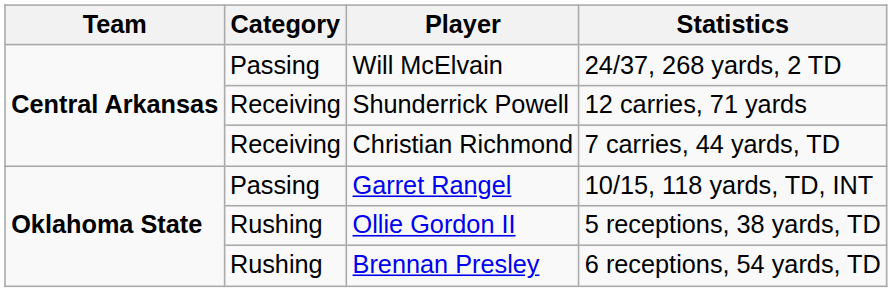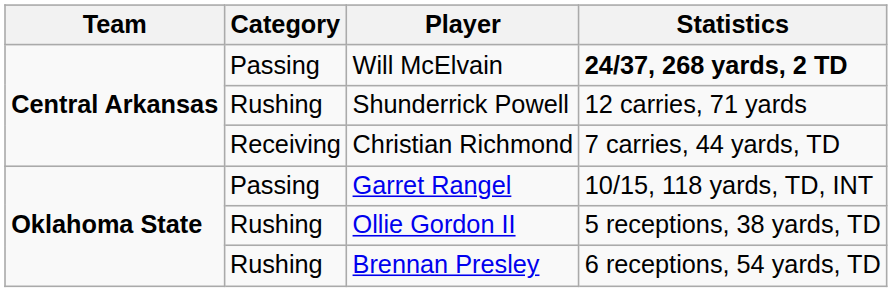 <table class="wikitable" style="float: right;">
 <tr>
 <th>Team</th>
 <th>Category</th>
 <th>Player</th>
 <th>Statistics</th>
 </tr>
 <tr>
 <td rowspan=3><strong>Central Arkansas</strong></td>
 <td>Passing</td>
 <td>Will McElvain</td>
-<td>24/37, 268 yards, 2 TD</td>
+<td><strong>24/37, 268 yards, 2 TD</strong></td>
 </tr>
 <tr>
-<td>Receiving</td>
+<td>Rushing</td>
 <td>Shunderrick Powell</td>
 <td>12 carries, 71 yards</td>
 </tr>
 <tr>
 <td>Receiving</td>
 <td>Christian Richmond</td>
 <td>7 carries, 44 yards, TD</td>
 </tr>
 <tr>
 <td rowspan=3><strong>Oklahoma State</strong></td>
 <td>Passing</td>
 <td><a href='#'>Garret Rangel</a></td>
 <td>10/15, 118 yards, TD, INT</td>
 </tr>
 <tr>
 <td>Rushing</td>
 <td><a href='#'>Ollie Gordon II</a></td>
 <td>5 receptions, 38 yards, TD</td>
 </tr>
 <tr>
 <td>Rushing</td>
 <td><a href='#'>Brennan Presley</a></td>
 <td>6 receptions, 54 yards, TD</td>
 </tr>
 </table>
